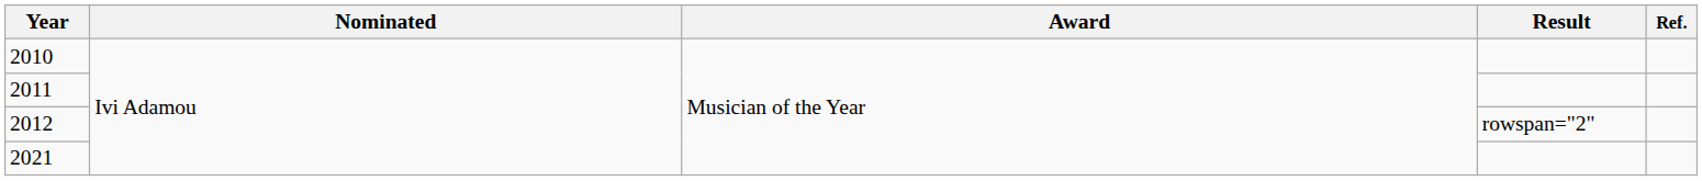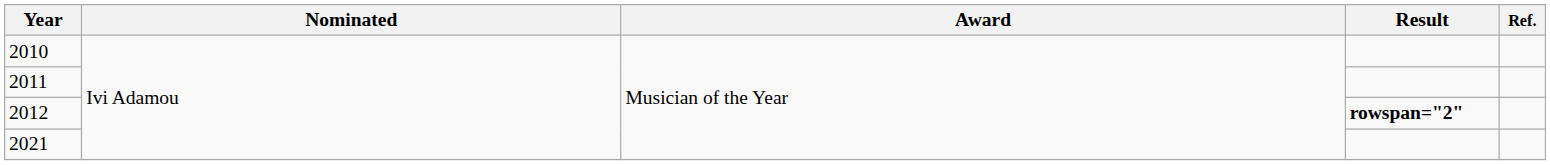 <table class="wikitable" style="width:100%;">
 <tr>
 <th style="width:5%;">Year</th>
 <th style="width:35%;">Nominated</th>
 <th style="width:47%;">Award</th>
 <th style="width:10%;">Result</th>
 <th style="width:3%;"><small>Ref.</small></th>
 </tr>
 <tr>
 <td>2010</td>
 <td rowspan="4">Ivi Adamou</td>
 <td rowspan="4">Musician of the Year</td>
 <td></td>
 <td align="center"></td>
 </tr>
 <tr>
 <td>2011</td>
 <td></td>
 <td align="center"></td>
 </tr>
 <tr>
 <td>2012</td>
-<td>rowspan="2" </td>
+<td><strong>rowspan="2" </strong></td>
 <td align="center"></td>
 </tr>
 <tr>
 <td>2021</td>
 <td align="center"></td>
 </tr>
 </table>
